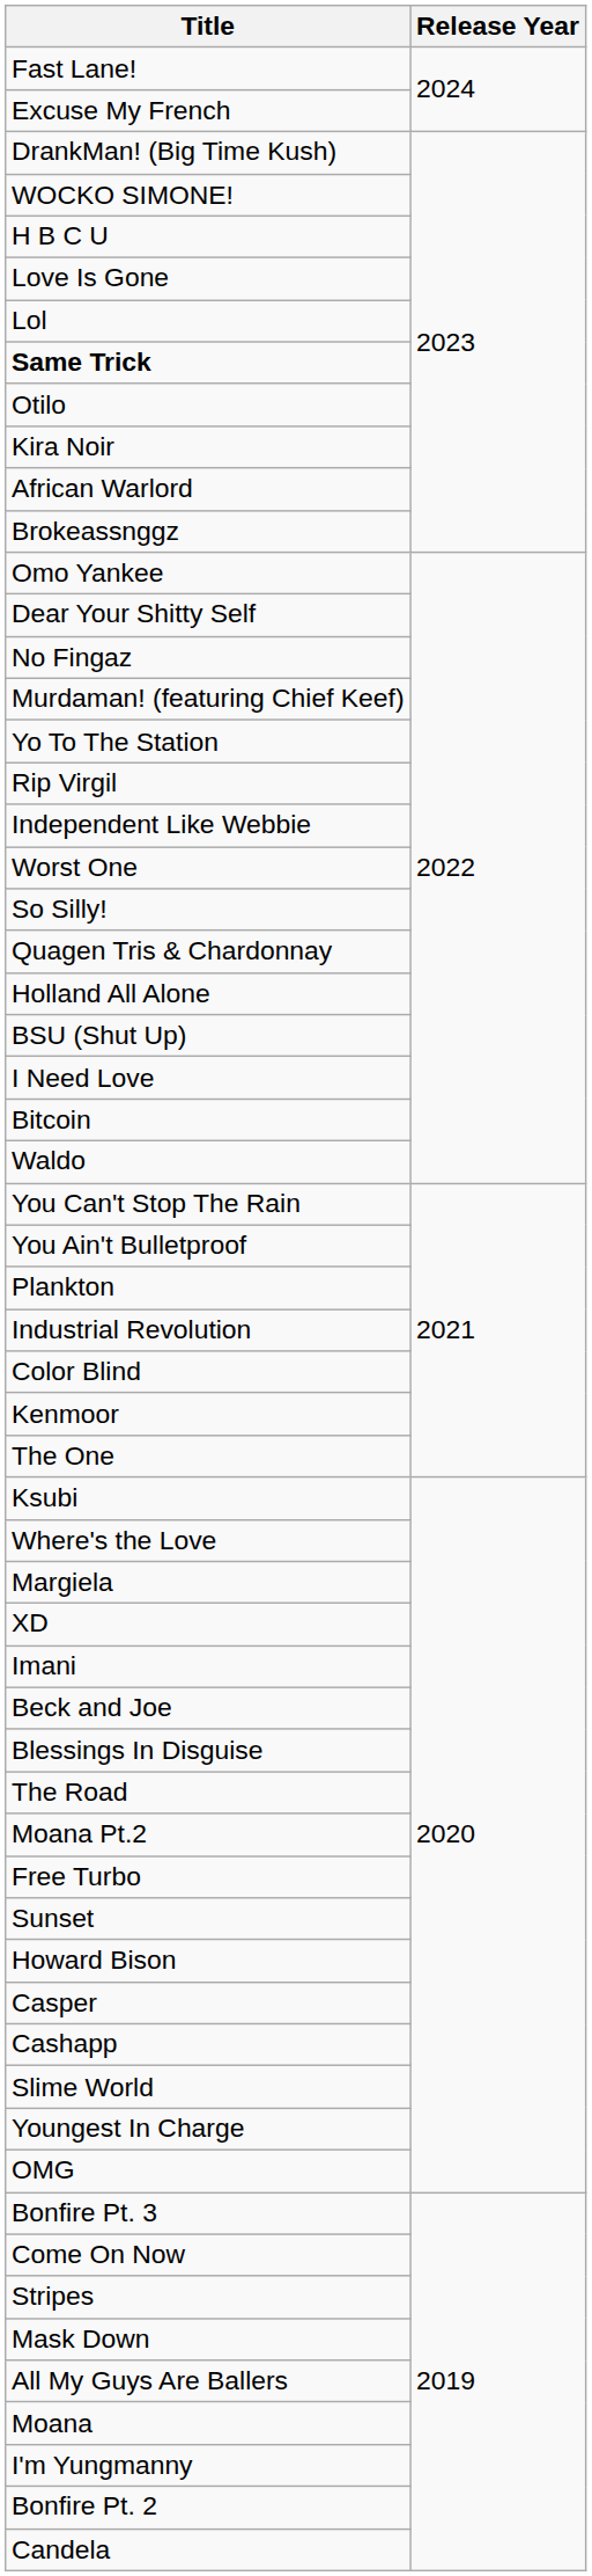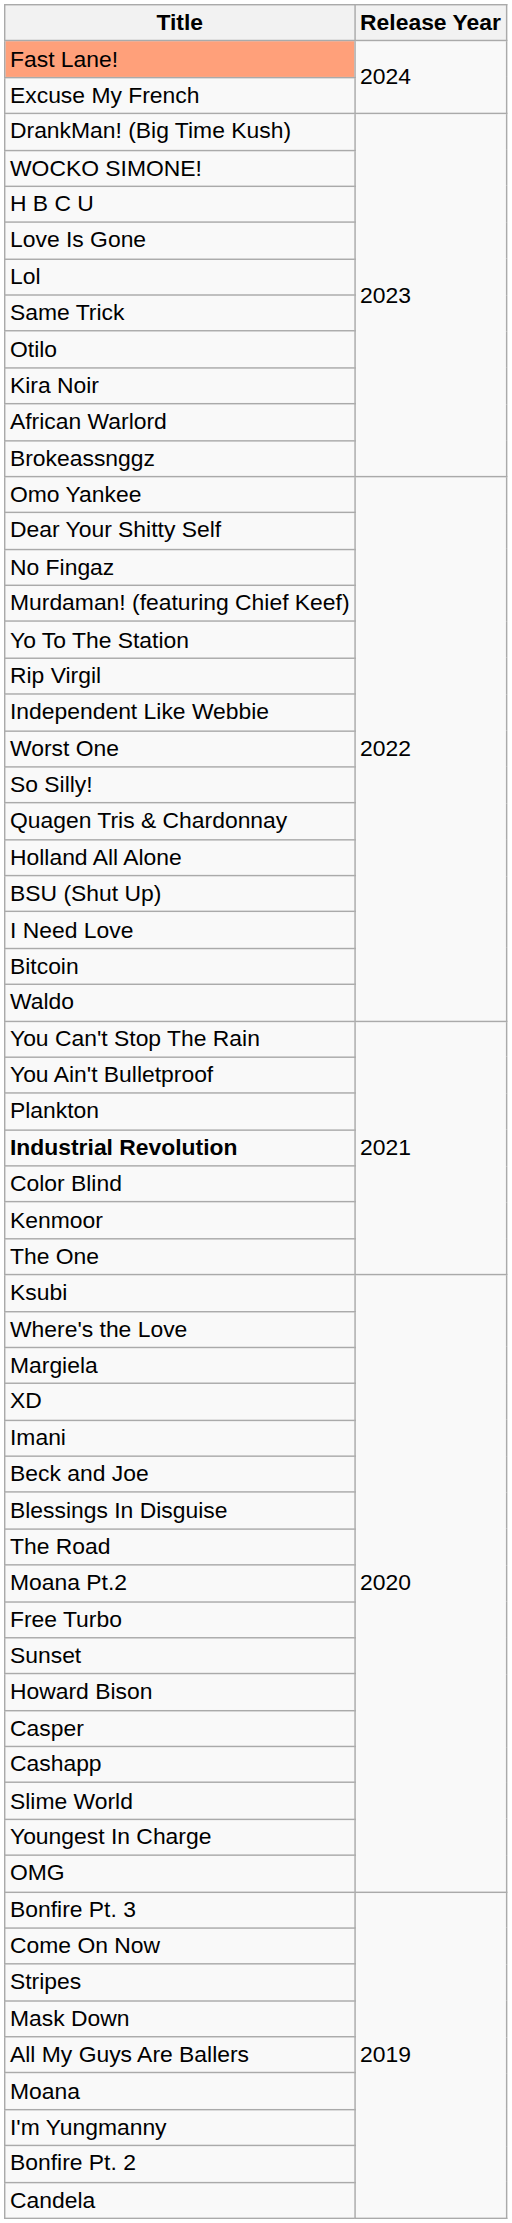 <table class="wikitable sortable mw-collapsible">
 <tr>
 <th>Title</th>
 <th>Release Year</th>
 </tr>
 <tr>
-<td>Fast Lane!</td>
+<td style="background: lightsalmon;">Fast Lane!</td>
 <td rowspan="2">2024</td>
 </tr>
 <tr>
 <td>Excuse My French</td>
 </tr>
 <tr>
 <td>DrankMan! (Big Time Kush)</td>
 <td rowspan="10">2023</td>
 </tr>
 <tr>
 <td>WOCKO SIMONE!</td>
 </tr>
 <tr>
 <td>H B C U</td>
 </tr>
 <tr>
 <td>Love Is Gone</td>
 </tr>
 <tr>
 <td>Lol</td>
 </tr>
 <tr>
-<td><strong>Same Trick</strong></td>
+<td>Same Trick</td>
 </tr>
 <tr>
 <td>Otilo</td>
 </tr>
 <tr>
 <td>Kira Noir</td>
 </tr>
 <tr>
 <td>African Warlord</td>
 </tr>
 <tr>
 <td>Brokeassnggz</td>
 </tr>
 <tr>
 <td>Omo Yankee</td>
 <td rowspan="15">2022</td>
 </tr>
 <tr>
 <td>Dear Your Shitty Self</td>
 </tr>
 <tr>
 <td>No Fingaz</td>
 </tr>
 <tr>
 <td>Murdaman! (featuring Chief Keef)</td>
 </tr>
 <tr>
 <td>Yo To The Station</td>
 </tr>
 <tr>
 <td>Rip Virgil</td>
 </tr>
 <tr>
 <td>Independent Like Webbie</td>
 </tr>
 <tr>
 <td>Worst One</td>
 </tr>
 <tr>
 <td>So Silly!</td>
 </tr>
 <tr>
 <td>Quagen Tris & Chardonnay</td>
 </tr>
 <tr>
 <td>Holland All Alone</td>
 </tr>
 <tr>
 <td>BSU (Shut Up)</td>
 </tr>
 <tr>
 <td>I Need Love</td>
 </tr>
 <tr>
 <td>Bitcoin</td>
 </tr>
 <tr>
 <td>Waldo</td>
 </tr>
 <tr>
 <td>You Can't Stop The Rain</td>
 <td rowspan="7">2021</td>
 </tr>
 <tr>
 <td>You Ain't Bulletproof</td>
 </tr>
 <tr>
 <td>Plankton</td>
 </tr>
 <tr>
-<td>Industrial Revolution</td>
+<td><strong>Industrial Revolution</strong></td>
 </tr>
 <tr>
 <td>Color Blind</td>
 </tr>
 <tr>
 <td>Kenmoor</td>
 </tr>
 <tr>
 <td>The One</td>
 </tr>
 <tr>
 <td>Ksubi</td>
 <td rowspan="17">2020</td>
 </tr>
 <tr>
 <td>Where's the Love</td>
 </tr>
 <tr>
 <td>Margiela</td>
 </tr>
 <tr>
 <td>XD</td>
 </tr>
 <tr>
 <td>Imani</td>
 </tr>
 <tr>
 <td>Beck and Joe</td>
 </tr>
 <tr>
 <td>Blessings In Disguise</td>
 </tr>
 <tr>
 <td>The Road</td>
 </tr>
 <tr>
 <td>Moana Pt.2</td>
 </tr>
 <tr>
 <td>Free Turbo</td>
 </tr>
 <tr>
 <td>Sunset</td>
 </tr>
 <tr>
 <td>Howard Bison</td>
 </tr>
 <tr>
 <td>Casper</td>
 </tr>
 <tr>
 <td>Cashapp</td>
 </tr>
 <tr>
 <td>Slime World</td>
 </tr>
 <tr>
 <td>Youngest In Charge</td>
 </tr>
 <tr>
 <td>OMG</td>
 </tr>
 <tr>
 <td>Bonfire Pt. 3</td>
 <td rowspan="9">2019</td>
 </tr>
 <tr>
 <td>Come On Now</td>
 </tr>
 <tr>
 <td>Stripes</td>
 </tr>
 <tr>
 <td>Mask Down</td>
 </tr>
 <tr>
 <td>All My Guys Are Ballers</td>
 </tr>
 <tr>
 <td>Moana</td>
 </tr>
 <tr>
 <td>I'm Yungmanny</td>
 </tr>
 <tr>
 <td>Bonfire Pt. 2</td>
 </tr>
 <tr>
 <td>Candela</td>
 </tr>
 </table>
